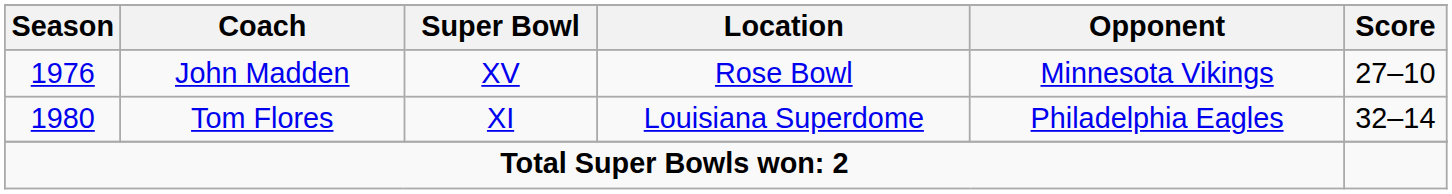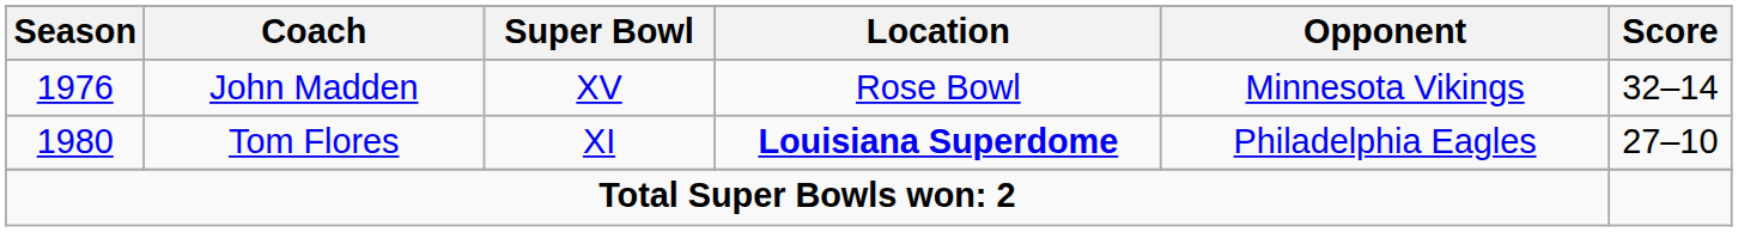 <table class="wikitable sortable" style="text-align:center">
 <tr>
 </tr>
 <tr>
 <th style="width:50px; ">Season</th>
 <th style="width:150px; ">Coach</th>
 <th style="width:100px; ">Super Bowl</th>
 <th style="width:200px; ">Location</th>
 <th style="width:200px; ">Opponent</th>
 <th style="width:50px; ">Score</th>
 </tr>
 <tr>
 <td><a href='#'>1976</a></td>
 <td><a href='#'>John Madden</a></td>
 <td><a href='#'>XV</a></td>
 <td><a href='#'>Rose Bowl</a></td>
 <td><a href='#'>Minnesota Vikings</a></td>
-<td>27–10</td>
+<td>32–14</td>
 </tr>
 <tr>
 <td><a href='#'>1980</a></td>
 <td><a href='#'>Tom Flores</a></td>
 <td><a href='#'>XI</a></td>
-<td><a href='#'>Louisiana Superdome</a></td>
+<td><strong><a href='#'>Louisiana Superdome</a></strong></td>
 <td><a href='#'>Philadelphia Eagles</a></td>
-<td>32–14</td>
+<td>27–10</td>
 </tr>
 <tr>
 </tr>
 <tr>
 <td colspan="5"><strong>Total Super Bowls won: 2</strong></td>
 <td></td>
 </tr>
 </table>
